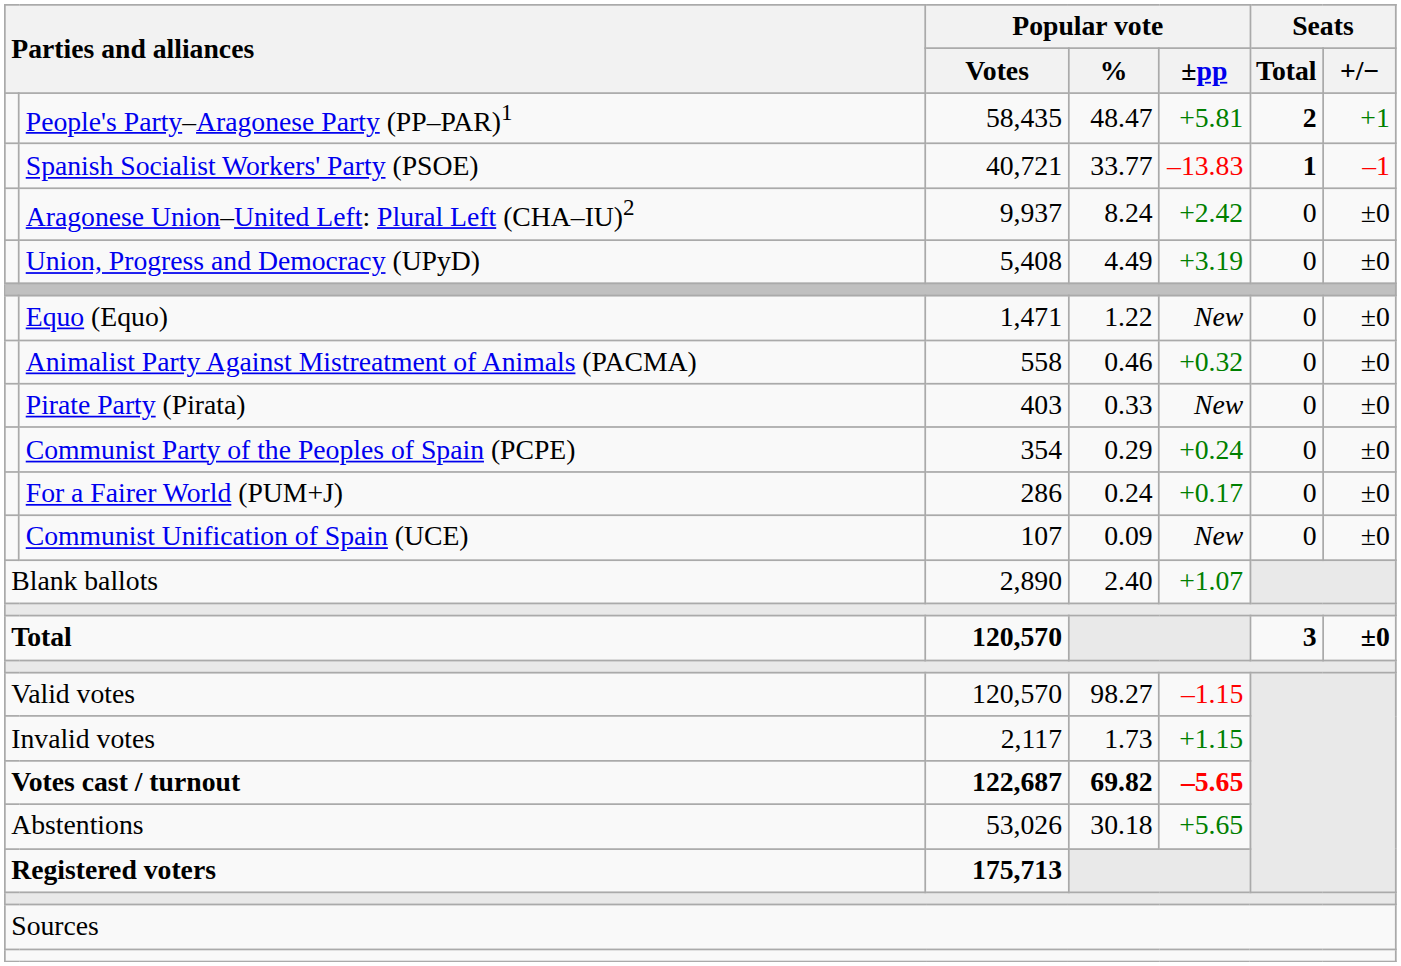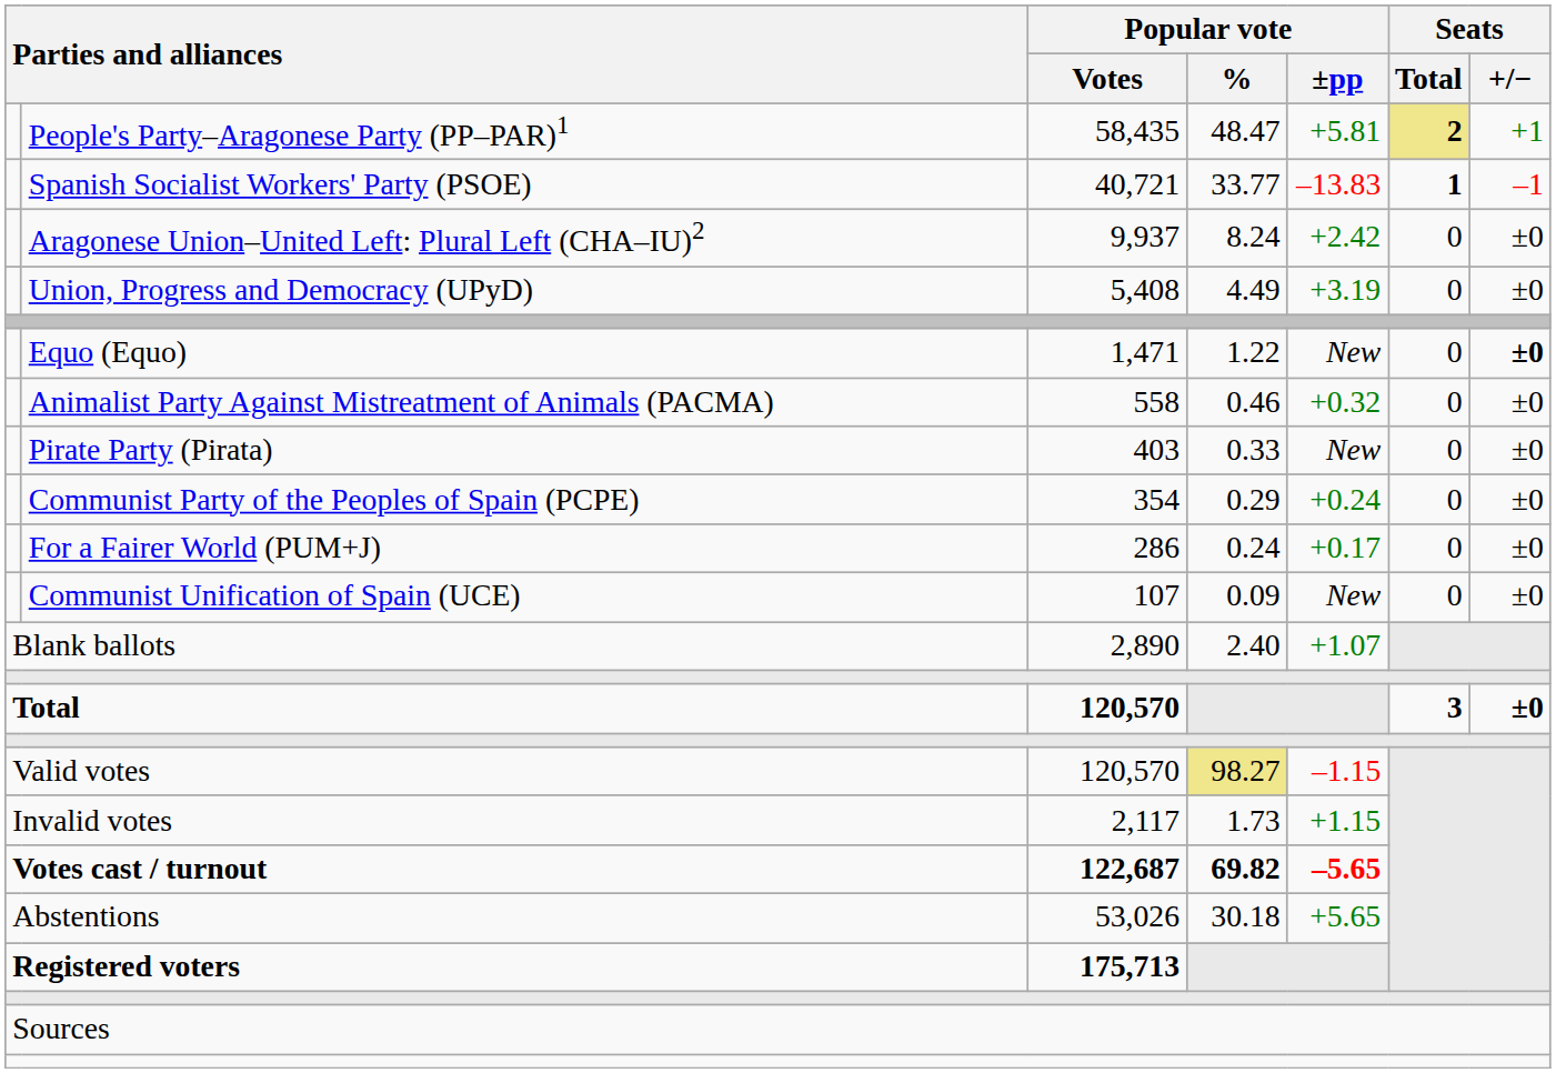 <table class="wikitable" style="text-align:right;">
 <tr>
 <th style="text-align:left;" rowspan="2" colspan="2" width="525">Parties and alliances</th>
 <th colspan="3">Popular vote</th>
 <th colspan="2">Seats</th>
 </tr>
 <tr>
 <th width="75">Votes</th>
 <th width="45">%</th>
 <th width="45">±<a href='#'>pp</a></th>
 <th width="35">Total</th>
 <th width="35">+/−</th>
 </tr>
 <tr>
 <td width="1" style="color:inherit;background:"></td>
 <td align="left"><a href='#'>People's Party</a>–<a href='#'>Aragonese Party</a> (PP–PAR)<sup>1</sup></td>
 <td>58,435</td>
 <td>48.47</td>
 <td style="color:green;">+5.81</td>
-<td><strong>2</strong></td>
+<td style="background: khaki;"><strong>2</strong></td>
 <td style="color:green;">+1</td>
 </tr>
 <tr>
 <td style="color:inherit;background:"></td>
 <td align="left"><a href='#'>Spanish Socialist Workers' Party</a> (PSOE)</td>
 <td>40,721</td>
 <td>33.77</td>
 <td style="color:red;">–13.83</td>
 <td><strong>1</strong></td>
 <td style="color:red;">–1</td>
 </tr>
 <tr>
 <td style="color:inherit;background:"></td>
 <td align="left"><a href='#'>Aragonese Union</a>–<a href='#'>United Left</a>: <a href='#'>Plural Left</a> (CHA–IU)<sup>2</sup></td>
 <td>9,937</td>
 <td>8.24</td>
 <td style="color:green;">+2.42</td>
 <td>0</td>
 <td>±0</td>
 </tr>
 <tr>
 <td style="color:inherit;background:"></td>
 <td align="left"><a href='#'>Union, Progress and Democracy</a> (UPyD)</td>
 <td>5,408</td>
 <td>4.49</td>
 <td style="color:green;">+3.19</td>
 <td>0</td>
 <td>±0</td>
 </tr>
 <tr>
 <td colspan="7" bgcolor="#C0C0C0"></td>
 </tr>
 <tr>
 <td style="color:inherit;background:"></td>
 <td align="left"><a href='#'>Equo</a> (Equo)</td>
 <td>1,471</td>
 <td>1.22</td>
 <td><em>New</em></td>
 <td>0</td>
-<td>±0</td>
+<td><strong>±0</strong></td>
 </tr>
 <tr>
 <td style="color:inherit;background:"></td>
 <td align="left"><a href='#'>Animalist Party Against Mistreatment of Animals</a> (PACMA)</td>
 <td>558</td>
 <td>0.46</td>
 <td style="color:green;">+0.32</td>
 <td>0</td>
 <td>±0</td>
 </tr>
 <tr>
 <td style="color:inherit;background:"></td>
 <td align="left"><a href='#'>Pirate Party</a> (Pirata)</td>
 <td>403</td>
 <td>0.33</td>
 <td><em>New</em></td>
 <td>0</td>
 <td>±0</td>
 </tr>
 <tr>
 <td style="color:inherit;background:"></td>
 <td align="left"><a href='#'>Communist Party of the Peoples of Spain</a> (PCPE)</td>
 <td>354</td>
 <td>0.29</td>
 <td style="color:green;">+0.24</td>
 <td>0</td>
 <td>±0</td>
 </tr>
 <tr>
 <td style="color:inherit;background:"></td>
 <td align="left"><a href='#'>For a Fairer World</a> (PUM+J)</td>
 <td>286</td>
 <td>0.24</td>
 <td style="color:green;">+0.17</td>
 <td>0</td>
 <td>±0</td>
 </tr>
 <tr>
 <td style="color:inherit;background:"></td>
 <td align="left"><a href='#'>Communist Unification of Spain</a> (UCE)</td>
 <td>107</td>
 <td>0.09</td>
 <td><em>New</em></td>
 <td>0</td>
 <td>±0</td>
 </tr>
 <tr>
 <td align="left" colspan="2">Blank ballots</td>
 <td>2,890</td>
 <td>2.40</td>
 <td style="color:green;">+1.07</td>
 <td bgcolor="#E9E9E9" colspan="2"></td>
 </tr>
 <tr>
 <td colspan="7" bgcolor="#E9E9E9"></td>
 </tr>
 <tr style="font-weight:bold;">
 <td align="left" colspan="2">Total</td>
 <td>120,570</td>
 <td bgcolor="#E9E9E9" colspan="2"></td>
 <td>3</td>
 <td>±0</td>
 </tr>
 <tr>
 <td colspan="7" bgcolor="#E9E9E9"></td>
 </tr>
 <tr>
 <td align="left" colspan="2">Valid votes</td>
 <td>120,570</td>
-<td>98.27</td>
+<td style="background: khaki;">98.27</td>
 <td style="color:red;">–1.15</td>
 <td bgcolor="#E9E9E9" colspan="2" rowspan="5"></td>
 </tr>
 <tr>
 <td align="left" colspan="2">Invalid votes</td>
 <td>2,117</td>
 <td>1.73</td>
 <td style="color:green;">+1.15</td>
 </tr>
 <tr style="font-weight:bold;">
 <td align="left" colspan="2">Votes cast / turnout</td>
 <td>122,687</td>
 <td>69.82</td>
 <td style="color:red;">–5.65</td>
 </tr>
 <tr>
 <td align="left" colspan="2">Abstentions</td>
 <td>53,026</td>
 <td>30.18</td>
 <td style="color:green;">+5.65</td>
 </tr>
 <tr style="font-weight:bold;">
 <td align="left" colspan="2">Registered voters</td>
 <td>175,713</td>
 <td bgcolor="#E9E9E9" colspan="2"></td>
 </tr>
 <tr>
 <td colspan="7" bgcolor="#E9E9E9"></td>
 </tr>
 <tr>
 <td align="left" colspan="7">Sources</td>
 </tr>
 <tr>
 <td colspan="7" style="text-align:left; max-width:790px;"></td>
 </tr>
 </table>
